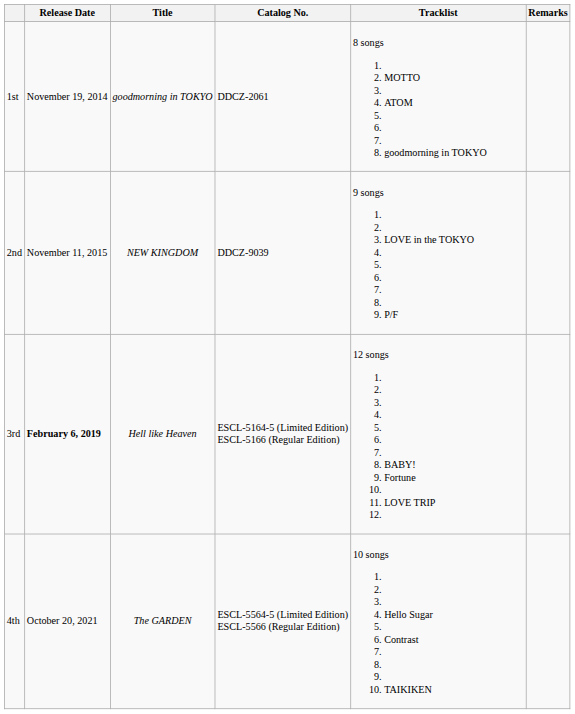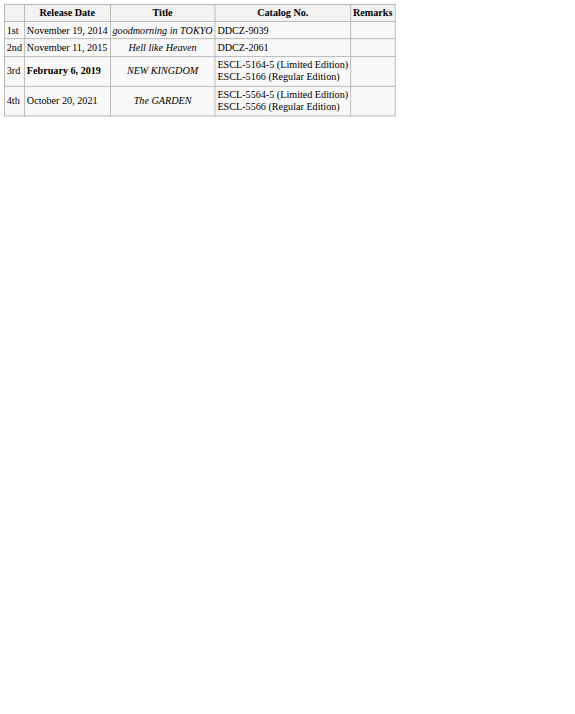 <table class="wikitable" style=font-size:small>
 <tr>
 <th> </th>
 <th>Release Date</th>
 <th>Title</th>
 <th>Catalog No.</th>
-<th style="width:31%">Tracklist</th>
 <th>Remarks</th>
 </tr>
 <tr>
 <td>1st</td>
 <td>November 19, 2014</td>
 <td style="text-align:center;"><em>goodmorning in TOKYO</em></td>
-<td>DDCZ-2061</td>
-<td><br>8 songs<ol><li></li><li>MOTTO</li><li></li><li>ATOM</li><li></li><li></li><li></li><li>goodmorning in TOKYO</li></ol></td>
+<td>DDCZ-9039</td>
 <td></td>
 </tr>
 <tr>
 <td>2nd</td>
 <td>November 11, 2015</td>
-<td style="text-align:center;"><em>NEW KINGDOM</em></td>
-<td>DDCZ-9039</td>
-<td><br>9 songs<ol><li></li><li></li><li>LOVE in the TOKYO</li><li></li><li></li><li></li><li></li><li></li><li>P/F</li></ol></td>
+<td style="text-align:center;"><em>Hell like Heaven</em></td>
+<td>DDCZ-2061</td>
 <td></td>
 </tr>
 <tr>
 <td>3rd</td>
 <td><strong>February 6, 2019</strong></td>
-<td style="text-align:center;"><em>Hell like Heaven</em></td>
+<td style="text-align:center;"><em>NEW KINGDOM</em></td>
 <td>ESCL-5164-5 (Limited Edition)<br>ESCL-5166 (Regular Edition)</td>
-<td><br>12 songs<ol><li></li><li></li><li></li><li></li><li></li><li></li><li></li><li>BABY!</li><li>Fortune</li><li></li><li>LOVE TRIP</li><li></li></ol></td>
 <td></td>
 </tr>
 <tr>
 <td>4th</td>
 <td>October 20, 2021</td>
 <td style="text-align:center;"><em>The GARDEN</em></td>
 <td>ESCL-5564-5 (Limited Edition)<br>ESCL-5566 (Regular Edition)</td>
-<td><br>10 songs<ol><li></li><li></li><li></li><li>Hello Sugar</li><li></li><li>Contrast</li><li></li><li></li><li></li><li>TAIKIKEN</li></ol></td>
 <td></td>
 </tr>
 </table>
